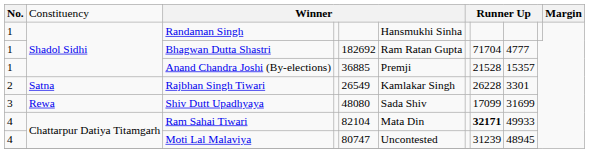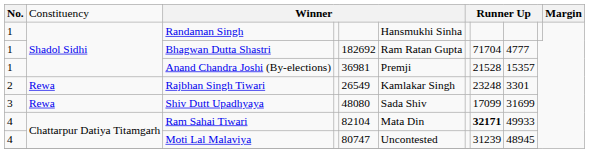 <table class="wikitable sortable">
 <tr>
 <th>No.</th>
 <td>Constituency</td>
 <th colspan="4">Winner</th>
 <th colspan="4">Runner Up</th>
 <th rowspan="1">Margin</th>
 </tr>
 <tr>
 <td>1</td>
 <td rowspan="3"><a href='#'>Shadol Sidhi</a></td>
 <td><a href='#'>Randaman Singh</a></td>
 <td></td>
 <td></td>
 <td>Hansmukhi Sinha</td>
 <td></td>
 <td></td>
 <td></td>
 <td style="background:"></td>
 </tr>
 <tr>
 <td>1</td>
 <td><a href='#'>Bhagwan Dutta Shastri</a></td>
 <td></td>
 <td>182692</td>
 <td>Ram Ratan Gupta</td>
 <td></td>
 <td>71704</td>
 <td style="background:">4777</td>
 </tr>
 <tr>
 <td>1</td>
 <td><a href='#'>Anand Chandra Joshi</a> (By-elections)</td>
 <td></td>
-<td>36885</td>
+<td>36981</td>
 <td>Premji</td>
 <td></td>
 <td>21528</td>
 <td style="background:">15357</td>
 </tr>
 <tr>
 <td>2</td>
-<td><a href='#'>Satna</a></td>
+<td><a href='#'>Rewa</a></td>
 <td><a href='#'>Rajbhan Singh Tiwari</a></td>
 <td></td>
 <td>26549</td>
 <td>Kamlakar Singh</td>
 <td></td>
-<td>26228</td>
+<td>23248</td>
 <td style="background:">3301</td>
 </tr>
 <tr>
 <td>3</td>
 <td><a href='#'>Rewa</a></td>
 <td><a href='#'>Shiv Dutt Upadhyaya</a></td>
 <td></td>
 <td>48080</td>
 <td>Sada Shiv</td>
 <td></td>
 <td>17099</td>
 <td style="background:">31699</td>
 </tr>
 <tr>
 <td>4</td>
 <td rowspan="2">Chattarpur Datiya Titamgarh</td>
 <td><a href='#'>Ram Sahai Tiwari</a></td>
 <td></td>
 <td>82104</td>
 <td>Mata Din</td>
 <td></td>
 <td><strong>32171</strong></td>
 <td style="background:">49933</td>
 </tr>
 <tr>
 <td>4</td>
 <td><a href='#'>Moti Lal Malaviya</a></td>
 <td></td>
 <td>80747</td>
 <td>Uncontested</td>
 <td></td>
 <td>31239</td>
 <td style="background:">48945</td>
 </tr>
 <tr>
 </tr>
 </table>
